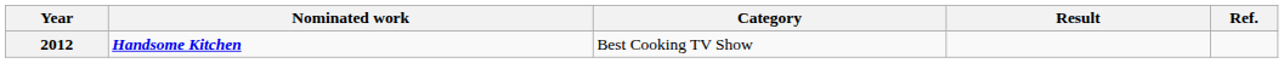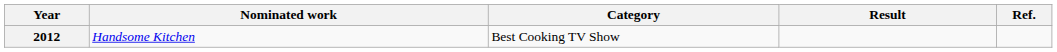 <table class="wikitable">
 <tr>
 <th width=2%>Year</th>
 <th width=11%>Nominated work</th>
 <th width=8%>Category</th>
 <th width=6%>Result</th>
 <th width=1%>Ref.</th>
 </tr>
 <tr>
 <th scope=row>2012</th>
-<td><strong><em><a href='#'>Handsome Kitchen</a></em></strong></td>
+<td><em><a href='#'>Handsome Kitchen</a></em></td>
 <td rowspan=3>Best Cooking TV Show</td>
 <td></td>
 <td rowspan=3  align=center></td>
 </tr>
 </table>
